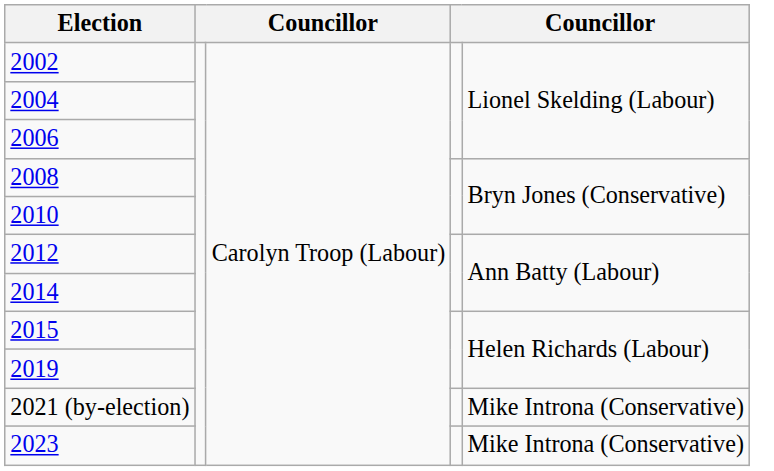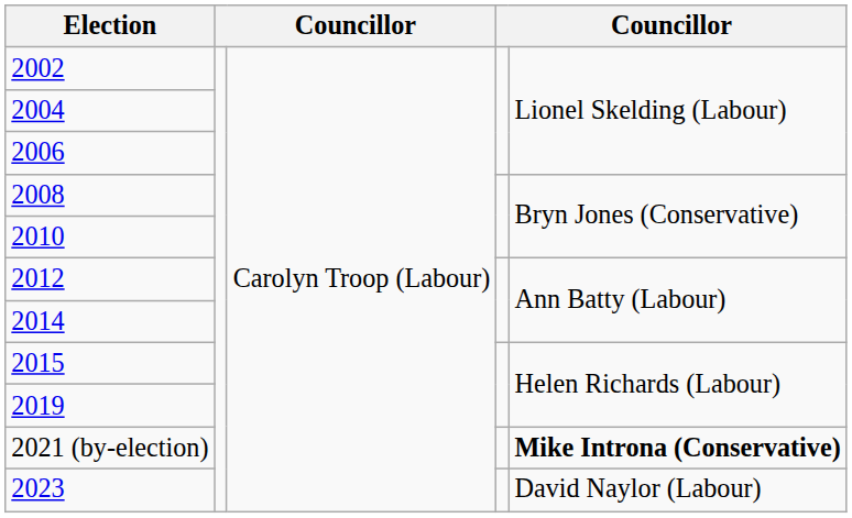 <table class="wikitable">
 <tr>
 <th>Election</th>
 <th colspan="2">Councillor</th>
 <th colspan="2">Councillor</th>
 </tr>
 <tr>
 <td><a href='#'>2002</a></td>
 <td rowspan="11" style="background-color: "></td>
 <td rowspan="11">Carolyn Troop (Labour)</td>
 <td rowspan="3" style="background-color: "></td>
 <td rowspan="3">Lionel Skelding (Labour)</td>
 </tr>
 <tr>
 <td><a href='#'>2004</a></td>
 </tr>
 <tr>
 <td><a href='#'>2006</a></td>
 </tr>
 <tr>
 <td><a href='#'>2008</a></td>
 <td rowspan="2" style="background-color: "></td>
 <td rowspan="2">Bryn Jones (Conservative)</td>
 </tr>
 <tr>
 <td><a href='#'>2010</a></td>
 </tr>
 <tr>
 <td><a href='#'>2012</a></td>
 <td rowspan="2" style="background-color: "></td>
 <td rowspan="2">Ann Batty (Labour)</td>
 </tr>
 <tr>
 <td><a href='#'>2014</a></td>
 </tr>
 <tr>
 <td><a href='#'>2015</a></td>
 <td rowspan="2" style="background-color: "></td>
 <td rowspan="2">Helen Richards (Labour)</td>
 </tr>
 <tr>
 <td><a href='#'>2019</a></td>
 </tr>
 <tr>
 <td>2021 (by-election)</td>
 <td style="background-color: "></td>
-<td>Mike Introna (Conservative)</td>
+<td><strong>Mike Introna (Conservative)</strong></td>
 </tr>
 <tr>
 <td><a href='#'>2023</a></td>
 <td style="background-color: "></td>
-<td>Mike Introna (Conservative)</td>
+<td>David Naylor (Labour)</td>
 </tr>
 </table>
